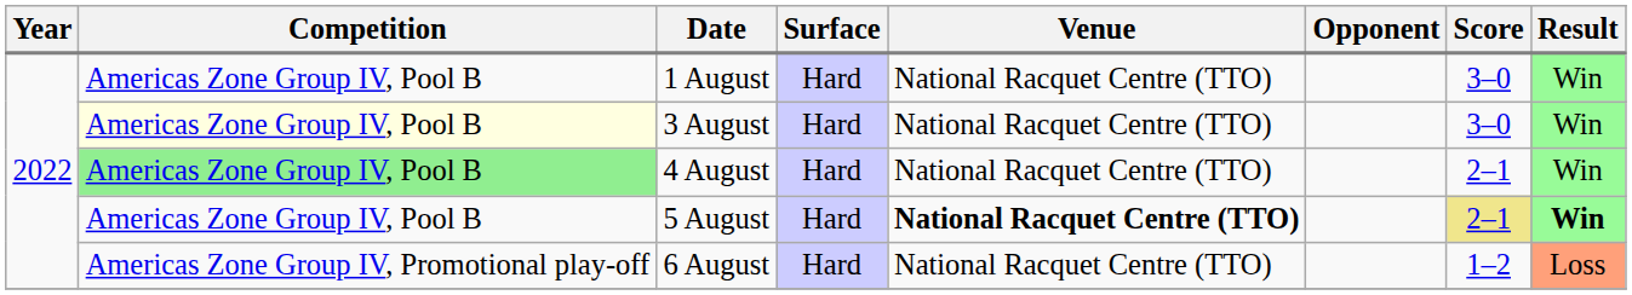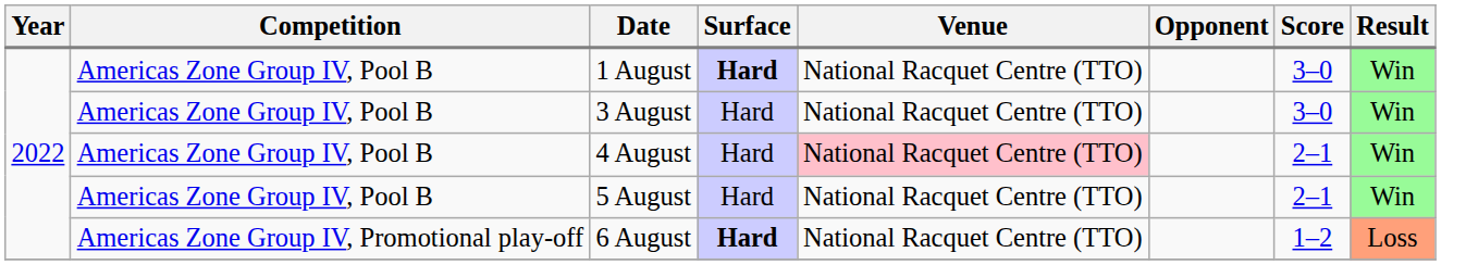 <table class="wikitable sortable">
 <tr>
 <th scope="col">Year</th>
 <th scope="col">Competition</th>
 <th scope="col">Date</th>
 <th scope="col">Surface</th>
 <th scope="col">Venue</th>
 <th scope="col">Opponent</th>
 <th scope="col">Score</th>
 <th scope="col">Result</th>
 </tr>
 <tr style="border-top:2px solid gray;">
 <td align="center" rowspan="5"><a href='#'>2022</a></td>
 <td><a href='#'>Americas Zone Group IV</a>, Pool B</td>
 <td>1 August</td>
-<td align="center" bgcolor=ccccff>Hard</td>
+<td align="center" bgcolor=ccccff><strong>Hard</strong></td>
 <td>National Racquet Centre (TTO)</td>
 <td></td>
 <td align="center"><a href='#'>3–0</a></td>
 <td align="center" bgcolor="#98FB98">Win</td>
 </tr>
 <tr>
-<td style="background: lightyellow;"><a href='#'>Americas Zone Group IV</a>, Pool B</td>
+<td><a href='#'>Americas Zone Group IV</a>, Pool B</td>
 <td>3 August</td>
 <td align="center" bgcolor=ccccff>Hard</td>
 <td>National Racquet Centre (TTO)</td>
 <td></td>
 <td align="center"><a href='#'>3–0</a></td>
 <td align="center" bgcolor="#98FB98">Win</td>
 </tr>
 <tr>
-<td style="background: lightgreen;"><a href='#'>Americas Zone Group IV</a>, Pool B</td>
+<td><a href='#'>Americas Zone Group IV</a>, Pool B</td>
 <td>4 August</td>
 <td align="center" bgcolor=ccccff>Hard</td>
-<td>National Racquet Centre (TTO)</td>
+<td style="background: pink;">National Racquet Centre (TTO)</td>
 <td></td>
 <td align="center"><a href='#'>2–1</a></td>
 <td align="center" bgcolor="#98FB98">Win</td>
 </tr>
 <tr>
 <td><a href='#'>Americas Zone Group IV</a>, Pool B</td>
 <td>5 August</td>
 <td align="center" bgcolor=ccccff>Hard</td>
-<td><strong>National Racquet Centre (TTO)</strong></td>
+<td>National Racquet Centre (TTO)</td>
 <td></td>
-<td align="center" style="background: khaki;"><a href='#'>2–1</a></td>
-<td align="center" bgcolor="#98FB98"><strong>Win</strong></td>
+<td align="center"><a href='#'>2–1</a></td>
+<td align="center" bgcolor="#98FB98">Win</td>
 </tr>
 <tr>
 <td><a href='#'>Americas Zone Group IV</a>, Promotional play-off</td>
 <td>6 August</td>
-<td align="center" bgcolor=ccccff>Hard</td>
+<td align="center" bgcolor=ccccff><strong>Hard</strong></td>
 <td>National Racquet Centre (TTO)</td>
 <td></td>
 <td align="center"><a href='#'>1–2</a></td>
 <td align="center" bgcolor="#FFA07A">Loss</td>
 </tr>
 <tr>
 </tr>
 </table>
